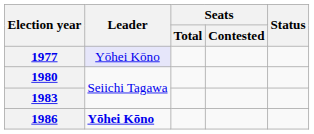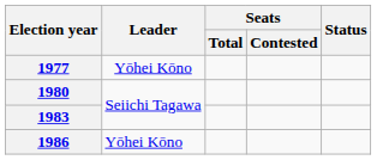 <table class="wikitable">
 <tr>
 <th rowspan=2>Election year</th>
 <th rowspan=2>Leader</th>
 <th colspan=2>Seats</th>
 <th rowspan=2>Status</th>
 </tr>
 <tr>
 <th>Total</th>
 <th>Contested</th>
 </tr>
 <tr style="text-align:center;">
 <th><a href='#'>1977</a></th>
-<td style="background: lavender;"><a href='#'>Yōhei Kōno</a></td>
+<td><a href='#'>Yōhei Kōno</a></td>
 <td></td>
 <td></td>
 <td></td>
 </tr>
 <tr>
 <th><a href='#'>1980</a></th>
 <td rowspan="2"><a href='#'>Seiichi Tagawa</a></td>
 <td></td>
 <td></td>
 <td></td>
 </tr>
 <tr>
 <th><a href='#'>1983</a></th>
 <td></td>
 <td></td>
 <td></td>
 </tr>
 <tr>
 <th><a href='#'>1986</a></th>
-<td><strong><a href='#'>Yōhei Kōno</a></strong></td>
+<td><a href='#'>Yōhei Kōno</a></td>
 <td></td>
 <td></td>
 <td></td>
 </tr>
 </table>
